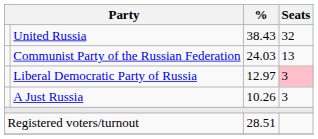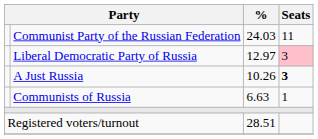 <table class="wikitable">
 <tr>
 <th colspan=2>Party</th>
 <th>%</th>
 <th>Seats</th>
 </tr>
 <tr>
 <td style="background:"></td>
-<td><a href='#'>United Russia</a></td>
-<td>38.43</td>
-<td>32</td>
-</tr>
-<tr>
-<td style="background:"></td>
 <td><a href='#'>Communist Party of the Russian Federation</a></td>
 <td>24.03</td>
-<td>13</td>
+<td>11</td>
 </tr>
 <tr>
 <td style="background:"></td>
 <td><a href='#'>Liberal Democratic Party of Russia</a></td>
 <td>12.97</td>
 <td style="background: pink;">3</td>
 </tr>
 <tr>
 <td style="background:"></td>
 <td><a href='#'>A Just Russia</a></td>
 <td>10.26</td>
-<td>3</td>
+<td><strong>3</strong></td>
+</tr>
+<tr>
+<td style="background:"></td>
+<td><a href='#'>Communists of Russia</a></td>
+<td>6.63</td>
+<td>1</td>
 </tr>
 <tr>
 <td colspan=4 style="background:#E9E9E9;"></td>
 </tr>
 <tr>
 <td align=left colspan=2>Registered voters/turnout</td>
 <td>28.51</td>
 <td></td>
 </tr>
 <tr>
 </tr>
 </table>
